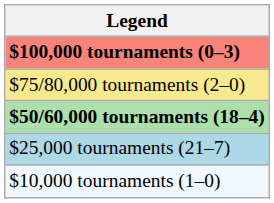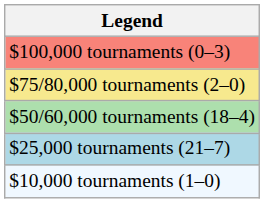 <table class="wikitable" style="font-size:85%">
 <tr>
 <th>Legend</th>
 </tr>
 <tr style="background:#f88379;">
-<td><strong>$100,000 tournaments (0–3)</strong></td>
+<td>$100,000 tournaments (0–3)</td>
 </tr>
 <tr style="background:#f7e98e;">
 <td>$75/80,000 tournaments (2–0)</td>
 </tr>
 <tr style="background:#addfad;">
-<td><strong>$50/60,000 tournaments (18–4)</strong></td>
+<td>$50/60,000 tournaments (18–4)</td>
 </tr>
 <tr style="background:lightblue;">
 <td>$25,000 tournaments (21–7)</td>
 </tr>
 <tr style="background:#f0f8ff;">
 <td>$10,000 tournaments (1–0)</td>
 </tr>
 </table>
